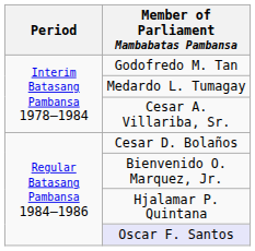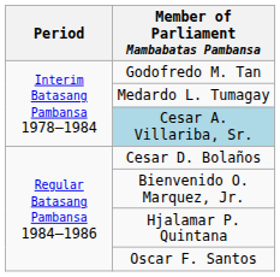 <table class="wikitable" style="text-align:center; width:40%;">
 <tr>
 <th width="40%">Period</th>
 <th>Member of Parliament <br><em><small>Mambabatas Pambansa</small></em></th>
 </tr>
 <tr>
 <td rowspan="3"><small><a href='#'>Interim Batasang Pambansa</a></small><br>1978–1984</td>
 <td>Godofredo M. Tan</td>
 </tr>
 <tr>
 <td>Medardo L. Tumagay</td>
 </tr>
 <tr>
-<td>Cesar A. Villariba, Sr.</td>
+<td style="background: lightblue;">Cesar A. Villariba, Sr.</td>
 </tr>
 <tr>
 <td rowspan="4"><small><a href='#'>Regular Batasang Pambansa</a></small><br>1984–1986</td>
 <td>Cesar D. Bolaños</td>
 </tr>
 <tr>
 <td>Bienvenido O. Marquez, Jr.</td>
 </tr>
 <tr>
 <td>Hjalamar P. Quintana</td>
 </tr>
 <tr>
-<td style="background: lavender;">Oscar F. Santos</td>
+<td>Oscar F. Santos</td>
 </tr>
 </table>
